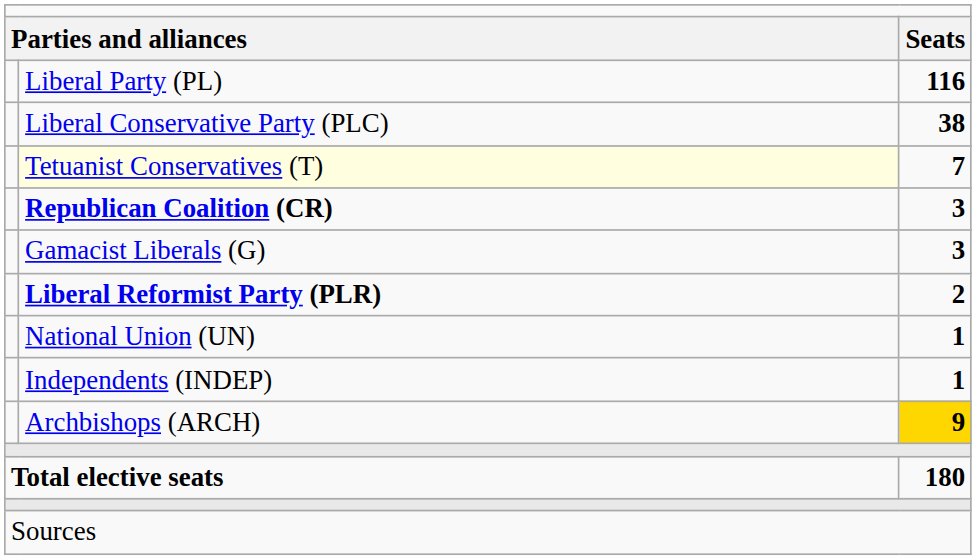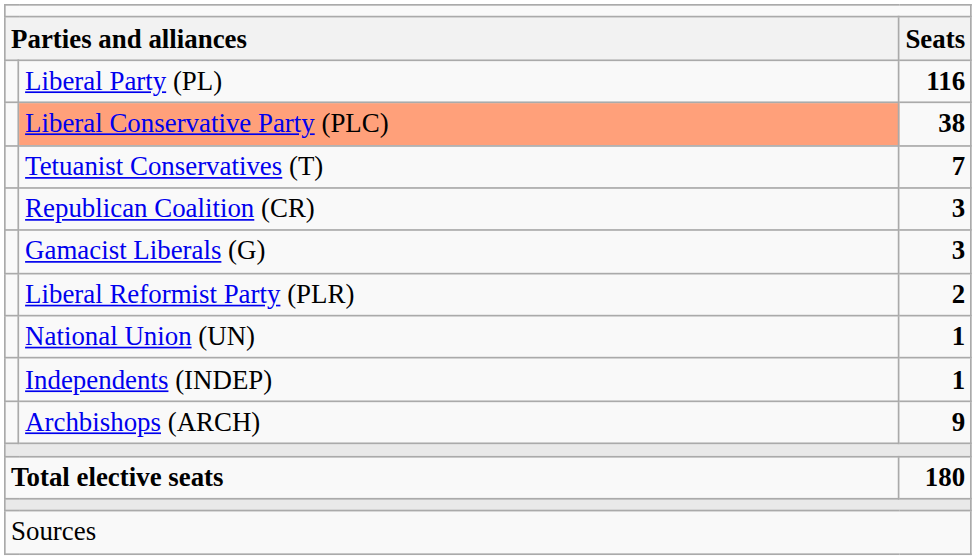 <table class="wikitable" style="text-align:right;">
 <tr>
 <td colspan="3"></td>
 </tr>
 <tr>
 <th style="text-align:left;" colspan="2" width="525">Parties and alliances</th>
 <th width="35">Seats</th>
 </tr>
 <tr>
 <td width="1" style="color:inherit;background:"></td>
 <td align="left"><a href='#'>Liberal Party</a> (PL)</td>
 <td><strong>116</strong></td>
 </tr>
 <tr>
 <td style="color:inherit;background:"></td>
-<td align="left"><a href='#'>Liberal Conservative Party</a> (PLC)</td>
+<td align="left" style="background: lightsalmon;"><a href='#'>Liberal Conservative Party</a> (PLC)</td>
 <td><strong>38</strong></td>
 </tr>
 <tr>
 <td style="color:inherit;background:"></td>
-<td align="left" style="background: lightyellow;"><a href='#'>Tetuanist Conservatives</a> (T)</td>
+<td align="left"><a href='#'>Tetuanist Conservatives</a> (T)</td>
 <td><strong>7</strong></td>
 </tr>
 <tr>
 <td style="color:inherit;background:"></td>
-<td align="left"><strong><a href='#'>Republican Coalition</a> (CR)</strong></td>
+<td align="left"><a href='#'>Republican Coalition</a> (CR)</td>
 <td><strong>3</strong></td>
 </tr>
 <tr>
 <td style="color:inherit;background:"></td>
 <td align="left"><a href='#'>Gamacist Liberals</a> (G)</td>
 <td><strong>3</strong></td>
 </tr>
 <tr>
 <td style="color:inherit;background:"></td>
-<td align="left"><strong><a href='#'>Liberal Reformist Party</a> (PLR)</strong></td>
+<td align="left"><a href='#'>Liberal Reformist Party</a> (PLR)</td>
 <td><strong>2</strong></td>
 </tr>
 <tr>
 <td style="color:inherit;background:"></td>
 <td align="left"><a href='#'>National Union</a> (UN)</td>
 <td><strong>1</strong></td>
 </tr>
 <tr>
 <td style="color:inherit;background:"></td>
 <td align="left"><a href='#'>Independents</a> (INDEP)</td>
 <td><strong>1</strong></td>
 </tr>
 <tr>
 <td style="color:inherit;background:"></td>
 <td align="left"><a href='#'>Archbishops</a> (ARCH)</td>
-<td style="background: gold;"><strong>9</strong></td>
+<td><strong>9</strong></td>
 </tr>
 <tr>
 <td colspan="3" bgcolor="#E9E9E9"></td>
 </tr>
 <tr style="font-weight:bold;">
 <td align="left" colspan="2">Total elective seats</td>
 <td>180</td>
 </tr>
 <tr>
 <td colspan="3" bgcolor="#E9E9E9"></td>
 </tr>
 <tr>
 <td align="left" colspan="3">Sources</td>
 </tr>
 </table>
